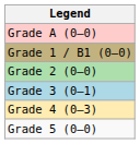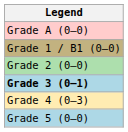 <table class="wikitable" style="font-size:85%;">
 <tr>
 <th>Legend</th>
 </tr>
 <tr bgcolor="ffcccc">
 <td>Grade A (0–0)</td>
 </tr>
 <tr bgcolor="C2B280">
 <td>Grade 1 / B1 (0–0)</td>
 </tr>
 <tr bgcolor="ADDFAD">
 <td>Grade 2 (0–0)</td>
 </tr>
 <tr bgcolor="lightblue">
-<td>Grade 3 (0–1)</td>
+<td><strong>Grade 3 (0–1)</strong></td>
 </tr>
 <tr bgcolor="ffecb2">
 <td>Grade 4 (0–3)</td>
 </tr>
 <tr>
-<td>Grade 5 (0–0)</td>
+<td style="background: lightblue;">Grade 5 (0–0)</td>
 </tr>
 </table>
